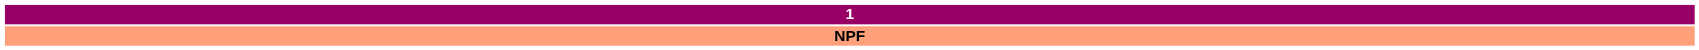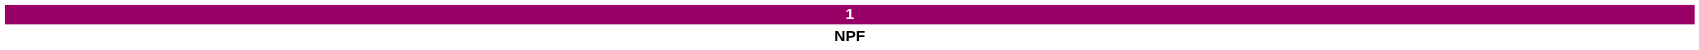 <table style="width:88%; text-align:center;">
 <tr style="color:white;">
 <td style="background:#906; width:100%;"><strong>1</strong></td>
 </tr>
 <tr>
-<td style="background: lightsalmon;"><span><strong>NPF</strong></span></td>
+<td><span><strong>NPF</strong></span></td>
 </tr>
 </table>
